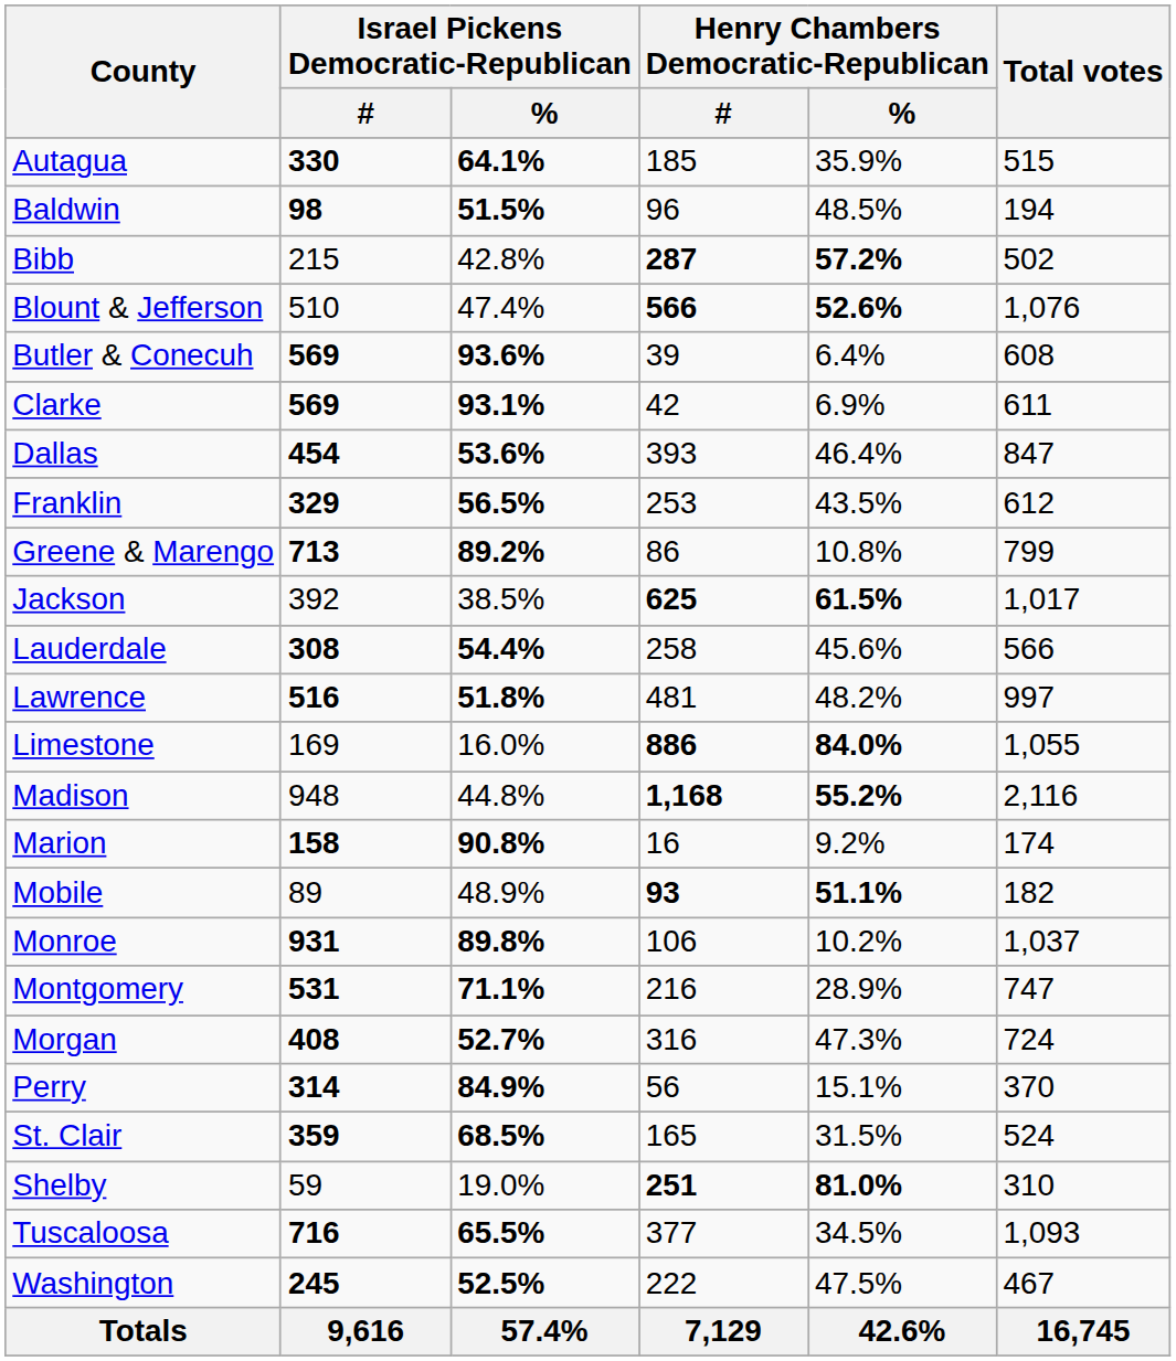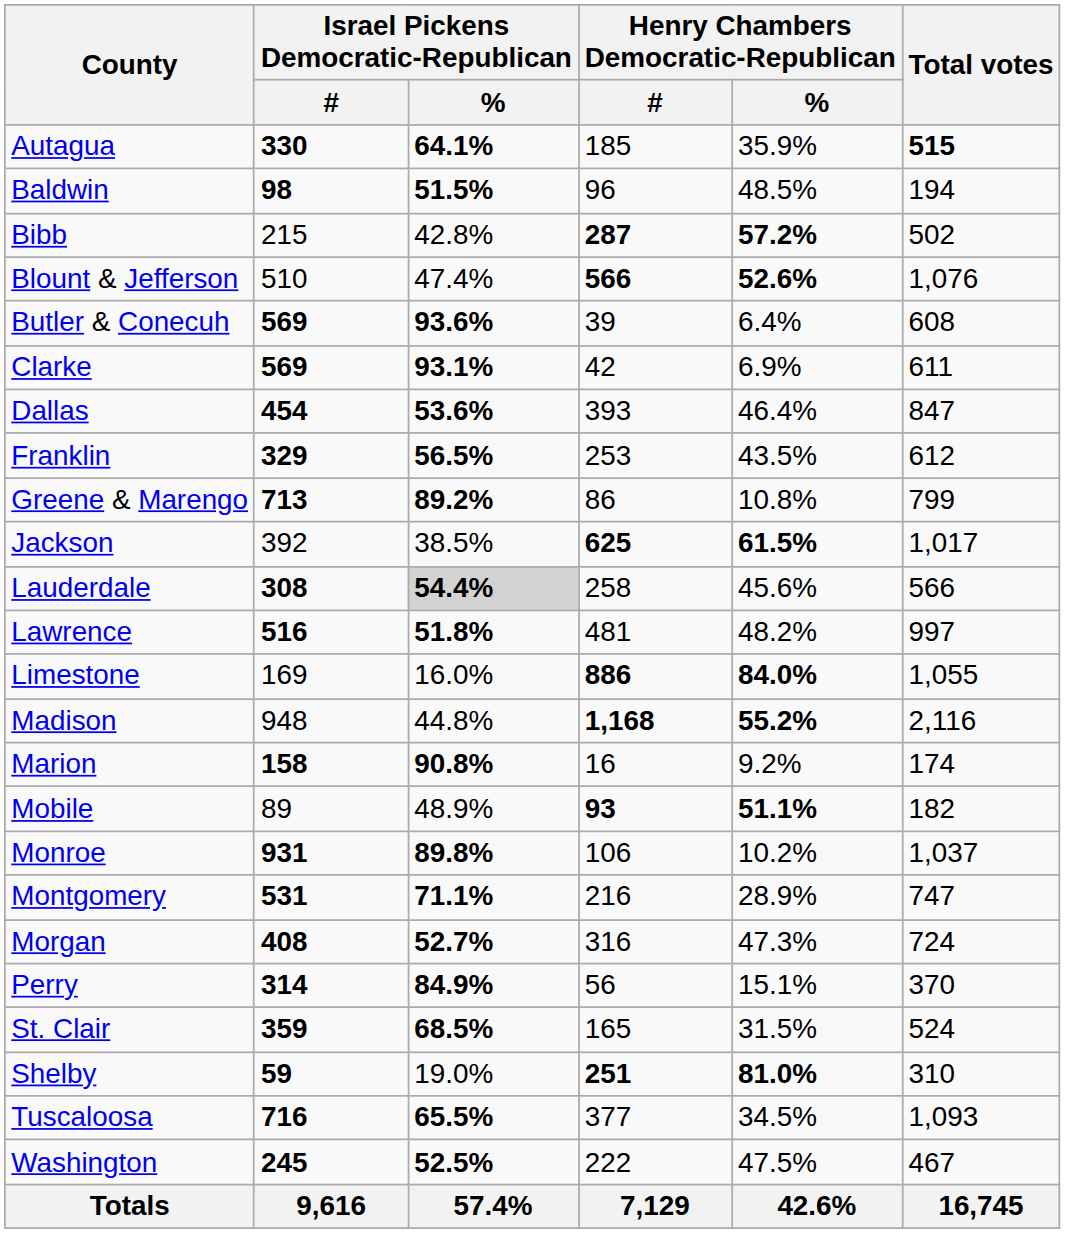 <table class="wikitable sortable">
 <tr>
 <th rowspan="2" scope="col">County</th>
 <th colspan="2" scope="col">Israel Pickens<br>Democratic-Republican</th>
 <th colspan="2" scope="col">Henry Chambers<br>Democratic-Republican</th>
 <th rowspan="2" scope="col">Total votes</th>
 </tr>
 <tr>
 <th>#</th>
 <th>%</th>
 <th>#</th>
 <th>%</th>
 </tr>
 <tr>
 <td><a href='#'>Autagua</a></td>
 <td><strong>330</strong></td>
 <td><strong>64.1%</strong></td>
 <td>185</td>
 <td>35.9%</td>
-<td>515</td>
+<td><strong>515</strong></td>
 </tr>
 <tr>
 <td><a href='#'>Baldwin</a></td>
 <td><strong>98</strong></td>
 <td><strong>51.5%</strong></td>
 <td>96</td>
 <td>48.5%</td>
 <td>194</td>
 </tr>
 <tr>
 <td><a href='#'>Bibb</a></td>
 <td>215</td>
 <td>42.8%</td>
 <td><strong>287</strong></td>
 <td><strong>57.2%</strong></td>
 <td>502</td>
 </tr>
 <tr>
 <td><a href='#'>Blount</a> & <a href='#'>Jefferson</a></td>
 <td>510</td>
 <td>47.4%</td>
 <td><strong>566</strong></td>
 <td><strong>52.6%</strong></td>
 <td>1,076</td>
 </tr>
 <tr>
 <td><a href='#'>Butler</a> & <a href='#'>Conecuh</a></td>
 <td><strong>569</strong></td>
 <td><strong>93.6%</strong></td>
 <td>39</td>
 <td>6.4%</td>
 <td>608</td>
 </tr>
 <tr>
 <td><a href='#'>Clarke</a></td>
 <td><strong>569</strong></td>
 <td><strong>93.1%</strong></td>
 <td>42</td>
 <td>6.9%</td>
 <td>611</td>
 </tr>
 <tr>
 <td><a href='#'>Dallas</a></td>
 <td><strong>454</strong></td>
 <td><strong>53.6%</strong></td>
 <td>393</td>
 <td>46.4%</td>
 <td>847</td>
 </tr>
 <tr>
 <td><a href='#'>Franklin</a></td>
 <td><strong>329</strong></td>
 <td><strong>56.5%</strong></td>
 <td>253</td>
 <td>43.5%</td>
 <td>612</td>
 </tr>
 <tr>
 <td><a href='#'>Greene</a> & <a href='#'>Marengo</a></td>
 <td><strong>713</strong></td>
 <td><strong>89.2%</strong></td>
 <td>86</td>
 <td>10.8%</td>
 <td>799</td>
 </tr>
 <tr>
 <td><a href='#'>Jackson</a></td>
 <td>392</td>
 <td>38.5%</td>
 <td><strong>625</strong></td>
 <td><strong>61.5%</strong></td>
 <td>1,017</td>
 </tr>
 <tr>
 <td><a href='#'>Lauderdale</a></td>
 <td><strong>308</strong></td>
-<td><strong>54.4%</strong></td>
+<td style="background: lightgrey;"><strong>54.4%</strong></td>
 <td>258</td>
 <td>45.6%</td>
 <td>566</td>
 </tr>
 <tr>
 <td><a href='#'>Lawrence</a></td>
 <td><strong>516</strong></td>
 <td><strong>51.8%</strong></td>
 <td>481</td>
 <td>48.2%</td>
 <td>997</td>
 </tr>
 <tr>
 <td><a href='#'>Limestone</a></td>
 <td>169</td>
 <td>16.0%</td>
 <td><strong>886</strong></td>
 <td><strong>84.0%</strong></td>
 <td>1,055</td>
 </tr>
 <tr>
 <td><a href='#'>Madison</a></td>
 <td>948</td>
 <td>44.8%</td>
 <td><strong>1,168</strong></td>
 <td><strong>55.2%</strong></td>
 <td>2,116</td>
 </tr>
 <tr>
 <td><a href='#'>Marion</a></td>
 <td><strong>158</strong></td>
 <td><strong>90.8%</strong></td>
 <td>16</td>
 <td>9.2%</td>
 <td>174</td>
 </tr>
 <tr>
 <td><a href='#'>Mobile</a></td>
 <td>89</td>
 <td>48.9%</td>
 <td><strong>93</strong></td>
 <td><strong>51.1%</strong></td>
 <td>182</td>
 </tr>
 <tr>
 <td><a href='#'>Monroe</a></td>
 <td><strong>931</strong></td>
 <td><strong>89.8%</strong></td>
 <td>106</td>
 <td>10.2%</td>
 <td>1,037</td>
 </tr>
 <tr>
 <td><a href='#'>Montgomery</a></td>
 <td><strong>531</strong></td>
 <td><strong>71.1%</strong></td>
 <td>216</td>
 <td>28.9%</td>
 <td>747</td>
 </tr>
 <tr>
 <td><a href='#'>Morgan</a></td>
 <td><strong>408</strong></td>
 <td><strong>52.7%</strong></td>
 <td>316</td>
 <td>47.3%</td>
 <td>724</td>
 </tr>
 <tr>
 <td><a href='#'>Perry</a></td>
 <td><strong>314</strong></td>
 <td><strong>84.9%</strong></td>
 <td>56</td>
 <td>15.1%</td>
 <td>370</td>
 </tr>
 <tr>
 <td><a href='#'>St. Clair</a></td>
 <td><strong>359</strong></td>
 <td><strong>68.5%</strong></td>
 <td>165</td>
 <td>31.5%</td>
 <td>524</td>
 </tr>
 <tr>
 <td><a href='#'>Shelby</a></td>
-<td>59</td>
+<td><strong>59</strong></td>
 <td>19.0%</td>
 <td><strong>251</strong></td>
 <td><strong>81.0%</strong></td>
 <td>310</td>
 </tr>
 <tr>
 <td><a href='#'>Tuscaloosa</a></td>
 <td><strong>716</strong></td>
 <td><strong>65.5%</strong></td>
 <td>377</td>
 <td>34.5%</td>
 <td>1,093</td>
 </tr>
 <tr>
 <td><a href='#'>Washington</a></td>
 <td><strong>245</strong></td>
 <td><strong>52.5%</strong></td>
 <td>222</td>
 <td>47.5%</td>
 <td>467</td>
 </tr>
 <tr>
 <th>Totals</th>
 <th>9,616</th>
 <th>57.4%</th>
 <th>7,129</th>
 <th>42.6%</th>
 <th>16,745</th>
 </tr>
 </table>
